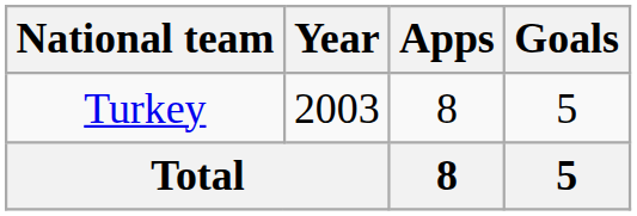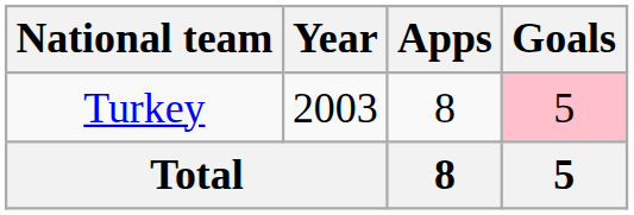 <table class="wikitable" style="text-align:center">
 <tr>
 <th>National team</th>
 <th>Year</th>
 <th>Apps</th>
 <th>Goals</th>
 </tr>
 <tr>
 <td><a href='#'>Turkey</a></td>
 <td>2003</td>
 <td>8</td>
-<td>5</td>
+<td style="background: pink;">5</td>
 </tr>
 <tr>
 <th colspan="2">Total</th>
 <th>8</th>
 <th>5</th>
 </tr>
 </table>
